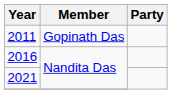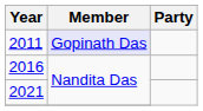 <table class="wikitable sortable">
 <tr>
 <th>Year</th>
 <th>Member</th>
 <th colspan=2>Party</th>
 </tr>
 <tr>
 <td><a href='#'>2011</a></td>
-<td><a href='#'>Gopinath Das</a></td>
+<td style="background: lavender;"><a href='#'>Gopinath Das</a></td>
 <td></td>
 </tr>
 <tr>
 <td><a href='#'>2016</a></td>
 <td rowspan=2><a href='#'>Nandita Das</a></td>
 <td></td>
 </tr>
 <tr>
 <td><a href='#'>2021</a></td>
 </tr>
 <tr>
 </tr>
 </table>
